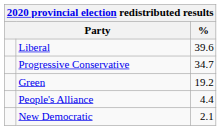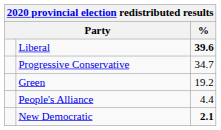 <table class="wikitable">
 <tr>
 <th colspan="4"><a href='#'>2020 provincial election</a> redistributed results</th>
 </tr>
 <tr>
 <th bgcolor="#DDDDFF" width="130px" colspan="2">Party</th>
 <th bgcolor="#DDDDFF" width="30px">%</th>
 </tr>
 <tr>
 <td> </td>
 <td><a href='#'>Liberal</a></td>
-<td align=right>39.6</td>
+<td align=right><strong>39.6</strong></td>
 </tr>
 <tr>
 <td> </td>
 <td><a href='#'>Progressive Conservative</a></td>
 <td align=right>34.7</td>
 </tr>
 <tr>
 <td> </td>
 <td><a href='#'>Green</a></td>
 <td align=right>19.2</td>
 </tr>
 <tr>
 <td> </td>
 <td><a href='#'>People's Alliance</a></td>
 <td align=right>4.4</td>
 </tr>
 <tr>
 <td> </td>
 <td><a href='#'>New Democratic</a></td>
-<td align=right>2.1</td>
+<td align=right><strong>2.1</strong></td>
 </tr>
 </table>
